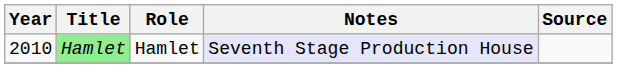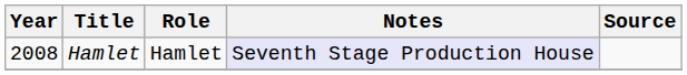 <table class="wikitable sortable" >
 <tr>
 <th>Year</th>
 <th>Title</th>
 <th>Role</th>
 <th class="unsortable">Notes </th>
 <th class="unsortable">Source </th>
 </tr>
 <tr>
-<td>2010</td>
-<td style="background: lightgreen;"><em>Hamlet</em></td>
+<td>2008</td>
+<td><em>Hamlet</em></td>
 <td>Hamlet</td>
 <td style="background: lavender;">Seventh Stage Production House</td>
 <td></td>
 </tr>
 <tr>
 </tr>
 </table>
